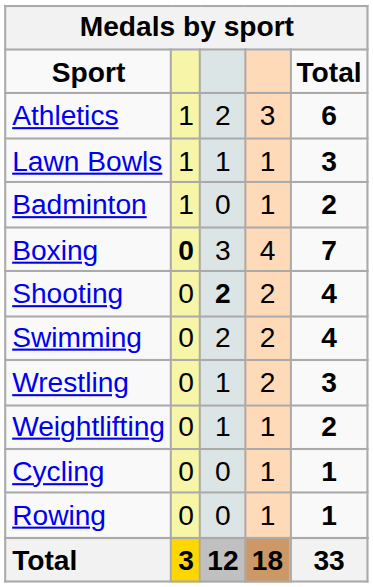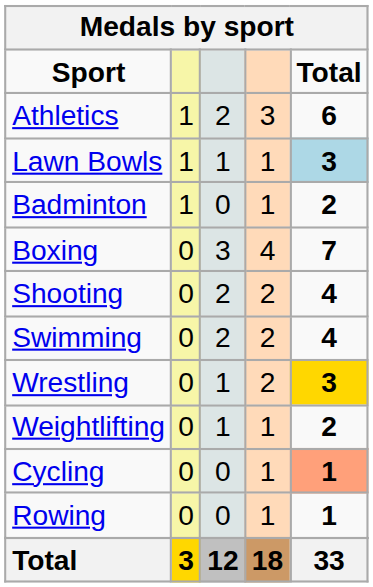 <table class="wikitable" style="font-size:85%;float:right;text-align:center">
 <tr style="background:#efefef;">
 <th colspan=7>Medals by sport</th>
 </tr>
 <tr>
 <td><strong>Sport</strong></td>
 <td bgcolor=#f7f6a8></td>
 <td bgcolor=#dce5e5></td>
 <td bgcolor=#ffdab9></td>
 <td><strong>Total</strong></td>
 </tr>
 <tr>
 <td style="text-align:left;"><a href='#'>Athletics</a></td>
 <td style="background:#F7F6A8;">1</td>
 <td style="background:#DCE5E5;">2</td>
 <td style="background:#FFDAB9;">3</td>
 <td><strong>6</strong></td>
 </tr>
 <tr>
 <td style="text-align:left;"><a href='#'>Lawn Bowls</a></td>
 <td style="background:#F7F6A8;">1</td>
 <td style="background:#DCE5E5;">1</td>
 <td style="background:#FFDAB9;">1</td>
-<td><strong>3</strong></td>
+<td style="background: lightblue;"><strong>3</strong></td>
 </tr>
 <tr>
 <td style="text-align:left;"><a href='#'>Badminton</a></td>
 <td style="background:#F7F6A8;">1</td>
 <td style="background:#DCE5E5;">0</td>
 <td style="background:#FFDAB9;">1</td>
 <td><strong>2</strong></td>
 </tr>
 <tr>
 <td style="text-align:left;"><a href='#'>Boxing</a></td>
-<td style="background:#F7F6A8;"><strong>0</strong></td>
+<td style="background:#F7F6A8;">0</td>
 <td style="background:#DCE5E5;">3</td>
 <td style="background:#FFDAB9;">4</td>
 <td><strong>7</strong></td>
 </tr>
 <tr>
 <td style="text-align:left;"><a href='#'>Shooting</a></td>
 <td style="background:#F7F6A8;">0</td>
-<td style="background:#DCE5E5;"><strong>2</strong></td>
+<td style="background:#DCE5E5;">2</td>
 <td style="background:#FFDAB9;">2</td>
 <td><strong>4</strong></td>
 </tr>
 <tr>
 <td style="text-align:left;"><a href='#'>Swimming</a></td>
 <td style="background:#F7F6A8;">0</td>
 <td style="background:#DCE5E5;">2</td>
 <td style="background:#FFDAB9;">2</td>
 <td><strong>4</strong></td>
 </tr>
 <tr>
 <td style="text-align:left;"><a href='#'>Wrestling</a></td>
 <td style="background:#F7F6A8;">0</td>
 <td style="background:#DCE5E5;">1</td>
 <td style="background:#FFDAB9;">2</td>
-<td><strong>3</strong></td>
+<td style="background: gold;"><strong>3</strong></td>
 </tr>
 <tr>
 <td style="text-align:left;"><a href='#'>Weightlifting</a></td>
 <td style="background:#F7F6A8;">0</td>
 <td style="background:#DCE5E5;">1</td>
 <td style="background:#FFDAB9;">1</td>
 <td><strong>2</strong></td>
 </tr>
 <tr>
 <td style="text-align:left;"><a href='#'>Cycling</a></td>
 <td style="background:#F7F6A8;">0</td>
 <td style="background:#DCE5E5;">0</td>
 <td style="background:#FFDAB9;">1</td>
-<td><strong>1</strong></td>
+<td style="background: lightsalmon;"><strong>1</strong></td>
 </tr>
 <tr>
 <td style="text-align:left;"><a href='#'>Rowing</a></td>
 <td style="background:#F7F6A8;">0</td>
 <td style="background:#DCE5E5;">0</td>
 <td style="background:#FFDAB9;">1</td>
 <td><strong>1</strong></td>
 </tr>
 <tr>
 </tr>
 <tr>
 <th style="text-align:left;">Total</th>
 <th style="background:gold;">3</th>
 <th style="background:silver;">12</th>
 <th style="background:#c96;">18</th>
 <th>33</th>
 </tr>
 </table>
